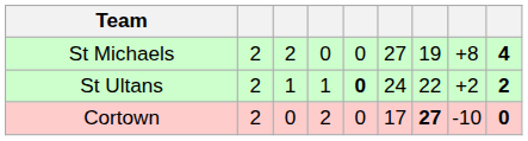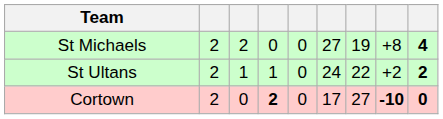 <table class="wikitable" style="text-align:center">
 <tr>
 <th width="175">Team</th>
 <th width="20"></th>
 <th width="20"></th>
 <th width="20"></th>
 <th width="20"></th>
 <th width="20"></th>
 <th width="20"></th>
 <th width="20"></th>
 <th width="20"></th>
 </tr>
 <tr bgcolor="ccffcc">
 <td>St Michaels</td>
 <td>2</td>
 <td>2</td>
 <td>0</td>
 <td>0</td>
 <td>27</td>
 <td>19</td>
 <td>+8</td>
 <td><strong>4</strong></td>
 </tr>
 <tr bgcolor="ccffcc">
 <td>St Ultans</td>
 <td>2</td>
 <td>1</td>
 <td>1</td>
-<td><strong>0</strong></td>
+<td>0</td>
 <td>24</td>
 <td>22</td>
 <td>+2</td>
 <td><strong>2</strong></td>
 </tr>
 <tr bgcolor="ffcccc">
 <td>Cortown</td>
 <td>2</td>
 <td>0</td>
-<td>2</td>
+<td><strong>2</strong></td>
 <td>0</td>
 <td>17</td>
-<td><strong>27</strong></td>
-<td>-10</td>
+<td>27</td>
+<td><strong>-10</strong></td>
 <td><strong>0</strong></td>
 </tr>
 </table>
